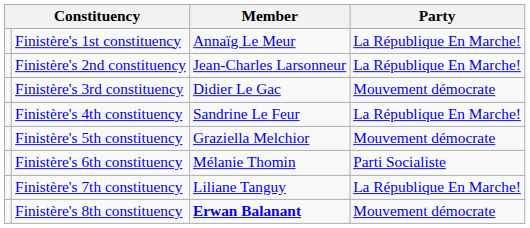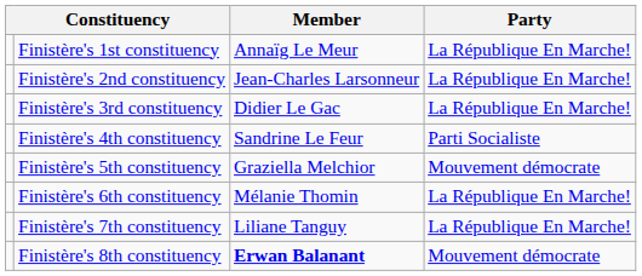 <table class="wikitable">
 <tr>
 <th colspan="2">Constituency</th>
 <th>Member</th>
 <th>Party</th>
 </tr>
 <tr>
 <td style="background-color: "></td>
 <td><a href='#'>Finistère's 1st constituency</a></td>
 <td><a href='#'>Annaïg Le Meur</a></td>
 <td><a href='#'>La République En Marche!</a></td>
 </tr>
 <tr>
 <td style="background-color: "></td>
 <td><a href='#'>Finistère's 2nd constituency</a></td>
 <td><a href='#'>Jean-Charles Larsonneur</a></td>
 <td><a href='#'>La République En Marche!</a></td>
 </tr>
 <tr>
 <td style="background-color: "></td>
 <td><a href='#'>Finistère's 3rd constituency</a></td>
 <td><a href='#'>Didier Le Gac</a></td>
-<td><a href='#'>Mouvement démocrate</a></td>
+<td><a href='#'>La République En Marche!</a></td>
 </tr>
 <tr>
 <td style="background-color: "></td>
 <td><a href='#'>Finistère's 4th constituency</a></td>
 <td><a href='#'>Sandrine Le Feur</a></td>
-<td><a href='#'>La République En Marche!</a></td>
+<td><a href='#'>Parti Socialiste</a></td>
 </tr>
 <tr>
 <td style="background-color: "></td>
 <td><a href='#'>Finistère's 5th constituency</a></td>
 <td><a href='#'>Graziella Melchior</a></td>
 <td><a href='#'>Mouvement démocrate</a></td>
 </tr>
 <tr>
 <td style="background-color: "></td>
 <td><a href='#'>Finistère's 6th constituency</a></td>
 <td><a href='#'>Mélanie Thomin</a></td>
-<td><a href='#'>Parti Socialiste</a></td>
+<td><a href='#'>La République En Marche!</a></td>
 </tr>
 <tr>
 <td style="background-color: "></td>
 <td><a href='#'>Finistère's 7th constituency</a></td>
 <td><a href='#'>Liliane Tanguy</a></td>
 <td><a href='#'>La République En Marche!</a></td>
 </tr>
 <tr>
 <td style="background-color: "></td>
 <td><a href='#'>Finistère's 8th constituency</a></td>
 <td><strong><a href='#'>Erwan Balanant</a></strong></td>
 <td><a href='#'>Mouvement démocrate</a></td>
 </tr>
 </table>
